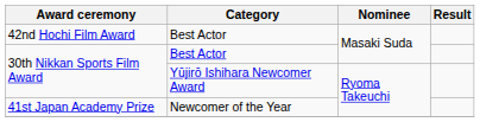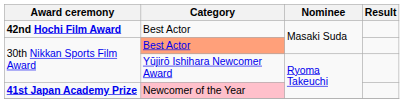 <table class="wikitable sortable">
 <tr>
 <th>Award ceremony</th>
 <th>Category</th>
 <th>Nominee</th>
 <th>Result</th>
 </tr>
 <tr>
-<td>42nd <a href='#'>Hochi Film Award</a></td>
+<td><strong>42nd <a href='#'>Hochi Film Award</a></strong></td>
 <td>Best Actor</td>
 <td rowspan=2>Masaki Suda</td>
 <td></td>
 </tr>
 <tr>
 <td rowspan=2>30th <a href='#'>Nikkan Sports Film Award</a></td>
-<td><a href='#'>Best Actor</a></td>
+<td style="background: lightsalmon;"><a href='#'>Best Actor</a></td>
 <td></td>
 </tr>
 <tr>
 <td><a href='#'>Yūjirō Ishihara Newcomer Award</a></td>
 <td rowspan=2><a href='#'>Ryoma Takeuchi</a></td>
 <td></td>
 </tr>
 <tr>
-<td><a href='#'>41st Japan Academy Prize</a></td>
-<td>Newcomer of the Year</td>
+<td><strong><a href='#'>41st Japan Academy Prize</a></strong></td>
+<td style="background: pink;">Newcomer of the Year</td>
 <td></td>
 </tr>
 <tr>
 </tr>
 </table>
